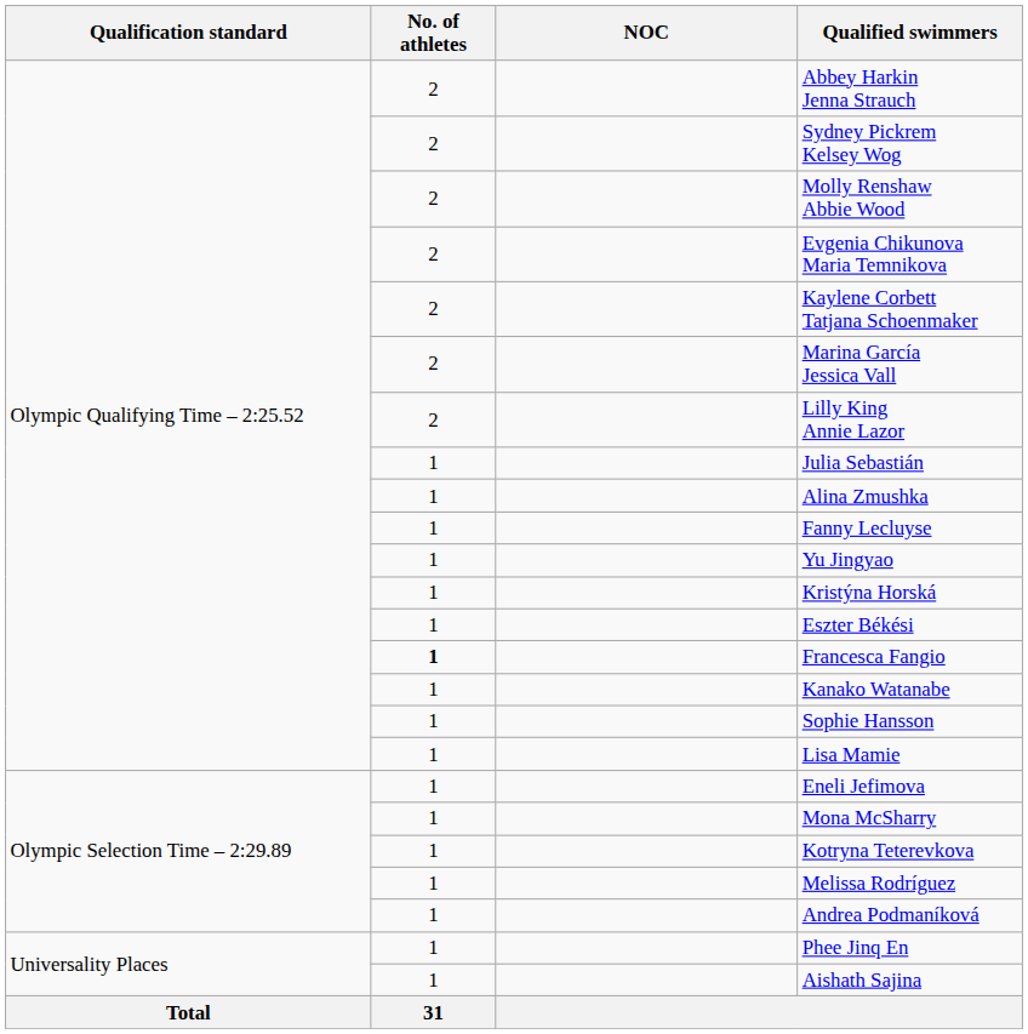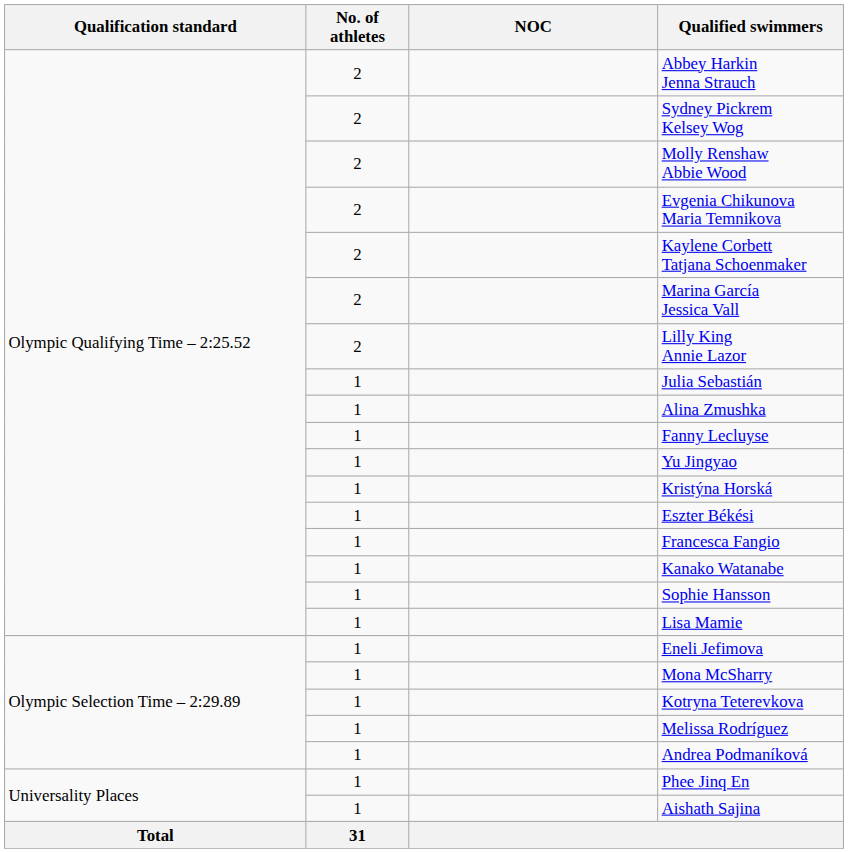 <table class=wikitable style="text-align:left" width=800>
 <tr>
 <th>Qualification standard</th>
 <th width=90>No. of athletes</th>
 <th width=230>NOC</th>
 <th>Qualified swimmers</th>
 </tr>
 <tr>
 <td rowspan=17>Olympic Qualifying Time – 2:25.52</td>
 <td align=center>2</td>
 <td></td>
 <td><a href='#'>Abbey Harkin</a><br><a href='#'>Jenna Strauch</a></td>
 </tr>
 <tr>
 <td align=center>2</td>
 <td></td>
 <td><a href='#'>Sydney Pickrem</a><br><a href='#'>Kelsey Wog</a></td>
 </tr>
 <tr>
 <td align=center>2</td>
 <td></td>
 <td><a href='#'>Molly Renshaw</a><br><a href='#'>Abbie Wood</a></td>
 </tr>
 <tr>
 <td align=center>2</td>
 <td></td>
 <td><a href='#'>Evgenia Chikunova</a><br><a href='#'>Maria Temnikova</a></td>
 </tr>
 <tr>
 <td align=center>2</td>
 <td></td>
 <td><a href='#'>Kaylene Corbett</a><br><a href='#'>Tatjana Schoenmaker</a></td>
 </tr>
 <tr>
 <td align=center>2</td>
 <td></td>
 <td><a href='#'>Marina García</a><br><a href='#'>Jessica Vall</a></td>
 </tr>
 <tr>
 <td align=center>2</td>
 <td></td>
 <td><a href='#'>Lilly King</a><br><a href='#'>Annie Lazor</a></td>
 </tr>
 <tr>
 <td align=center>1</td>
 <td></td>
 <td><a href='#'>Julia Sebastián</a></td>
 </tr>
 <tr>
 <td align=center>1</td>
 <td></td>
 <td><a href='#'>Alina Zmushka</a></td>
 </tr>
 <tr>
 <td align=center>1</td>
 <td></td>
 <td><a href='#'>Fanny Lecluyse</a></td>
 </tr>
 <tr>
 <td align=center>1</td>
 <td></td>
 <td><a href='#'>Yu Jingyao</a></td>
 </tr>
 <tr>
 <td align=center>1</td>
 <td></td>
 <td><a href='#'>Kristýna Horská</a></td>
 </tr>
 <tr>
 <td align=center>1</td>
 <td></td>
 <td><a href='#'>Eszter Békési</a></td>
 </tr>
 <tr>
-<td align=center><strong>1</strong></td>
+<td align=center>1</td>
 <td></td>
 <td><a href='#'>Francesca Fangio</a></td>
 </tr>
 <tr>
 <td align=center>1</td>
 <td></td>
 <td><a href='#'>Kanako Watanabe</a></td>
 </tr>
 <tr>
 <td align=center>1</td>
 <td></td>
 <td><a href='#'>Sophie Hansson</a></td>
 </tr>
 <tr>
 <td align=center>1</td>
 <td></td>
 <td><a href='#'>Lisa Mamie</a></td>
 </tr>
 <tr>
 <td rowspan=5>Olympic Selection Time – 2:29.89</td>
 <td align=center>1</td>
 <td></td>
 <td><a href='#'>Eneli Jefimova</a></td>
 </tr>
 <tr>
 <td align=center>1</td>
 <td></td>
 <td><a href='#'>Mona McSharry</a></td>
 </tr>
 <tr>
 <td align=center>1</td>
 <td></td>
 <td><a href='#'>Kotryna Teterevkova</a></td>
 </tr>
 <tr>
 <td align=center>1</td>
 <td></td>
 <td><a href='#'>Melissa Rodríguez</a></td>
 </tr>
 <tr>
 <td align=center>1</td>
 <td></td>
 <td><a href='#'>Andrea Podmaníková</a></td>
 </tr>
 <tr>
 <td rowspan=2>Universality Places</td>
 <td align=center>1</td>
 <td></td>
 <td><a href='#'>Phee Jinq En</a></td>
 </tr>
 <tr>
 <td align=center>1</td>
 <td></td>
 <td><a href='#'>Aishath Sajina</a></td>
 </tr>
 <tr>
 <th><strong>Total</strong></th>
 <th>31</th>
 <th colspan=2></th>
 </tr>
 </table>
